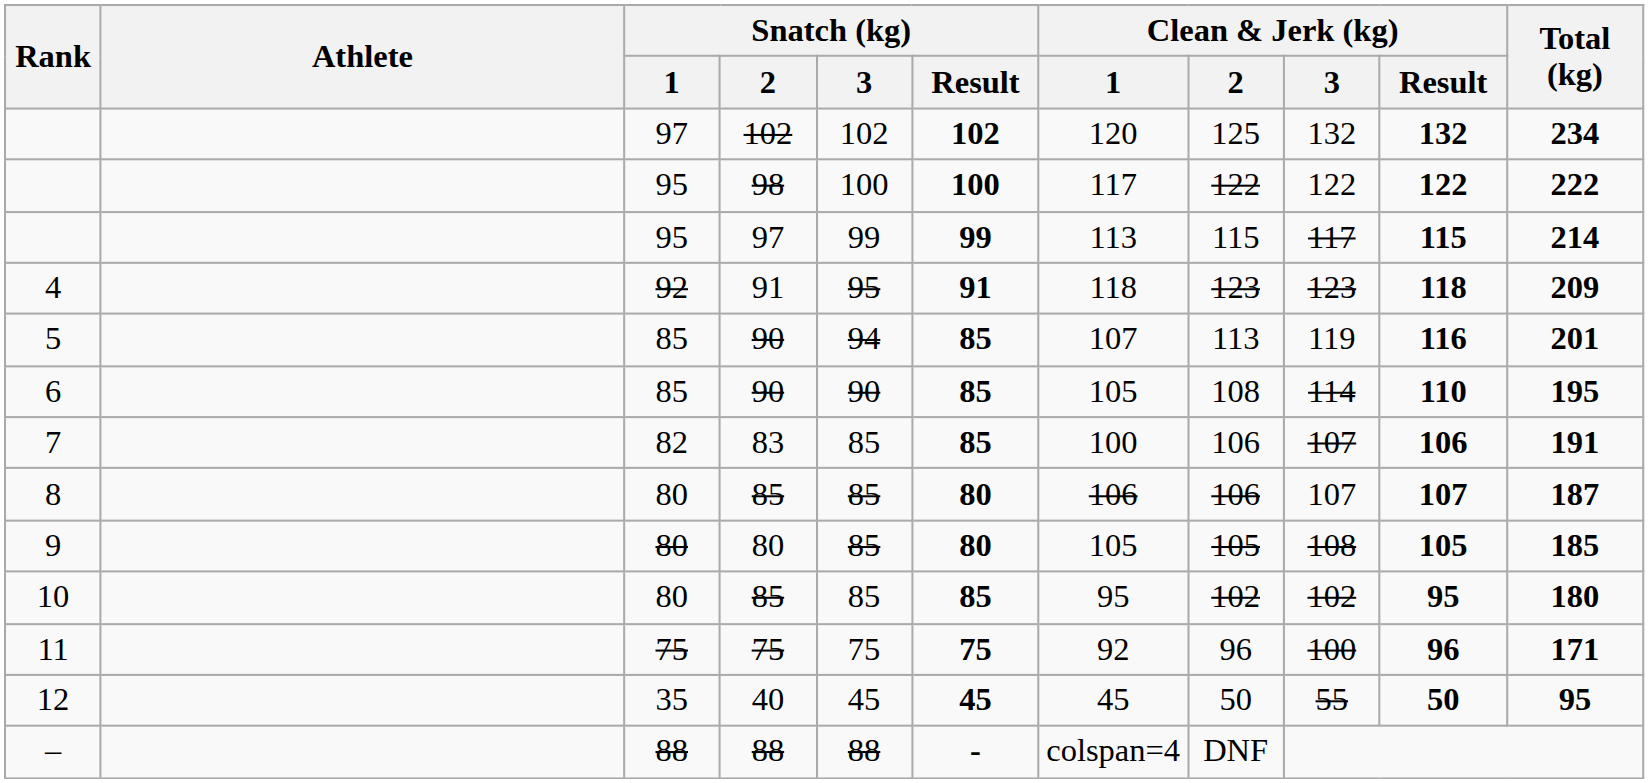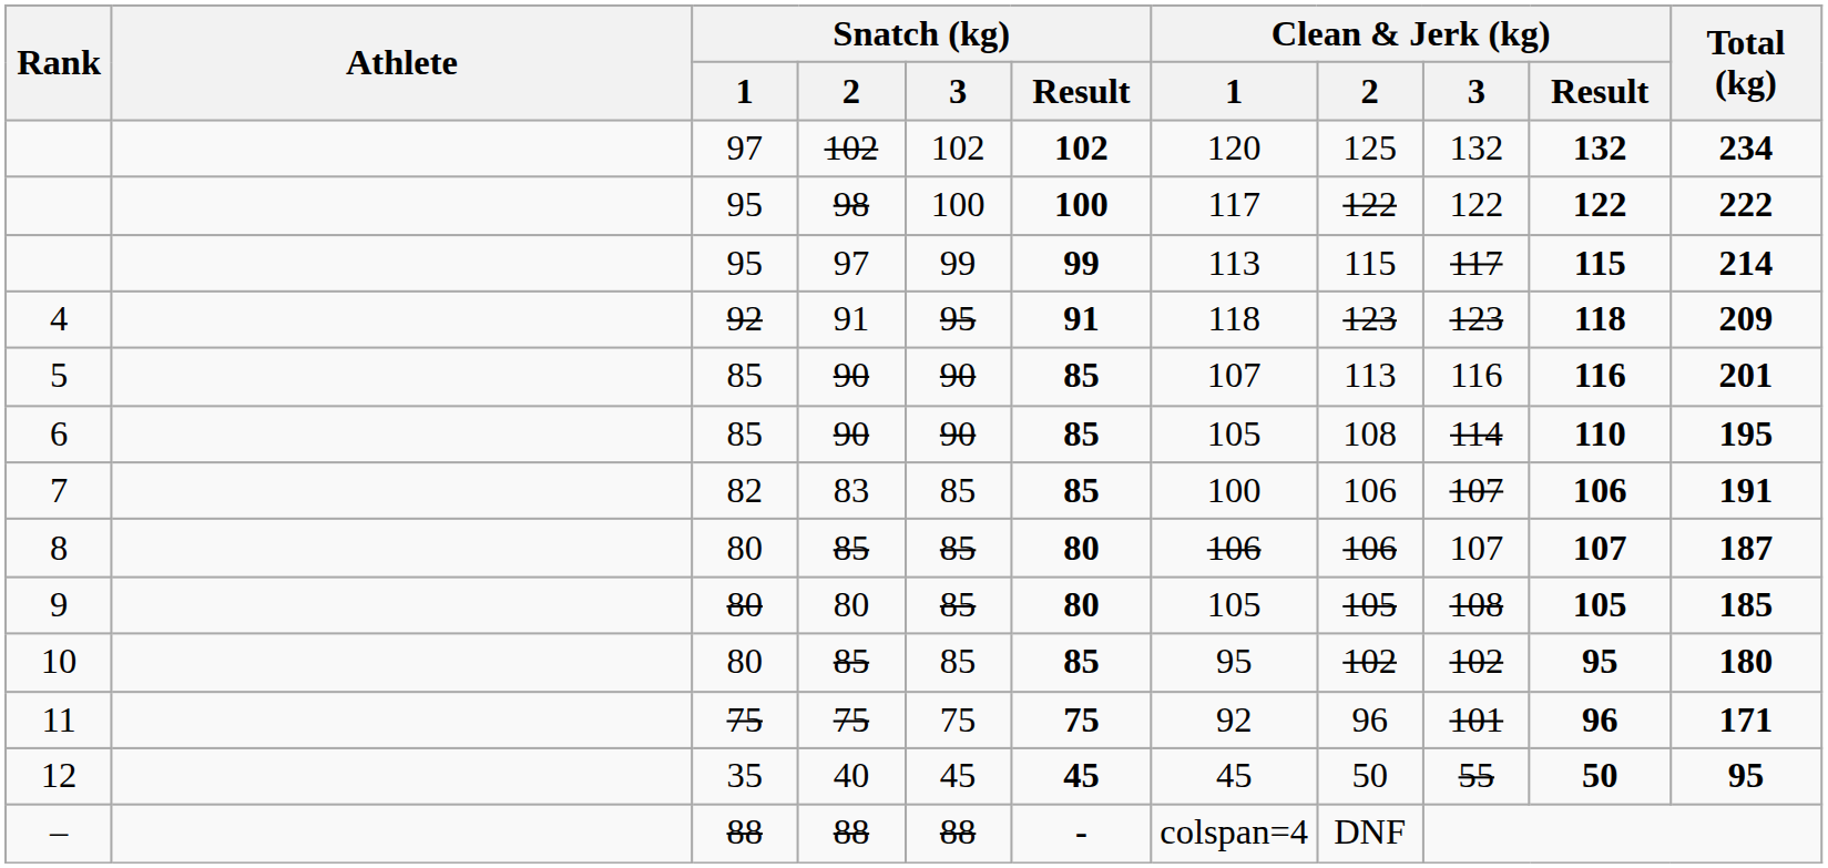 <table class="wikitable" style="text-align:center;">
 <tr>
 <th rowspan=2 width=40>Rank</th>
 <th rowspan=2 width=250>Athlete</th>
 <th colspan=4>Snatch (kg)</th>
 <th colspan=4>Clean & Jerk (kg)</th>
 <th rowspan=2 width=60>Total (kg)</th>
 </tr>
 <tr>
 <th width=40>1</th>
 <th width=40>2</th>
 <th width=40>3</th>
 <th width=55>Result</th>
 <th width=40>1</th>
 <th width=40>2</th>
 <th width=40>3</th>
 <th width=55>Result</th>
 </tr>
 <tr>
 <td></td>
 <td style="text-align:left;"></td>
 <td>97</td>
 <td><s>102</s></td>
 <td>102</td>
 <td><strong>102</strong></td>
 <td>120</td>
 <td>125</td>
 <td>132</td>
 <td><strong>132</strong></td>
 <td><strong>234</strong></td>
 </tr>
 <tr>
 <td></td>
 <td style="text-align:left;"></td>
 <td>95</td>
 <td><s>98</s></td>
 <td>100</td>
 <td><strong>100</strong></td>
 <td>117</td>
 <td><s>122</s></td>
 <td>122</td>
 <td><strong>122</strong></td>
 <td><strong>222</strong></td>
 </tr>
 <tr>
 <td></td>
 <td style="text-align:left;"></td>
 <td>95</td>
 <td>97</td>
 <td>99</td>
 <td><strong>99</strong></td>
 <td>113</td>
 <td>115</td>
 <td><s>117</s></td>
 <td><strong>115</strong></td>
 <td><strong>214</strong></td>
 </tr>
 <tr>
 <td>4</td>
 <td style="text-align:left;"></td>
 <td><s>92</s></td>
 <td>91</td>
 <td><s>95</s></td>
 <td><strong>91</strong></td>
 <td>118</td>
 <td><s>123</s></td>
 <td><s>123</s></td>
 <td><strong>118</strong></td>
 <td><strong>209</strong></td>
 </tr>
 <tr>
 <td>5</td>
 <td style="text-align:left;"></td>
 <td>85</td>
 <td><s>90</s></td>
-<td><s>94</s></td>
+<td><s>90</s></td>
 <td><strong>85</strong></td>
 <td>107</td>
 <td>113</td>
-<td>119</td>
+<td>116</td>
 <td><strong>116</strong></td>
 <td><strong>201</strong></td>
 </tr>
 <tr>
 <td>6</td>
 <td style="text-align:left;"></td>
 <td>85</td>
 <td><s>90</s></td>
 <td><s>90</s></td>
 <td><strong>85</strong></td>
 <td>105</td>
 <td>108</td>
 <td><s>114</s></td>
 <td><strong>110</strong></td>
 <td><strong>195</strong></td>
 </tr>
 <tr>
 <td>7</td>
 <td style="text-align:left;"></td>
 <td>82</td>
 <td>83</td>
 <td>85</td>
 <td><strong>85</strong></td>
 <td>100</td>
 <td>106</td>
 <td><s>107</s></td>
 <td><strong>106</strong></td>
 <td><strong>191</strong></td>
 </tr>
 <tr>
 <td>8</td>
 <td style="text-align:left;"></td>
 <td>80</td>
 <td><s>85</s></td>
 <td><s>85</s></td>
 <td><strong>80</strong></td>
 <td><s>106</s></td>
 <td><s>106</s></td>
 <td>107</td>
 <td><strong>107</strong></td>
 <td><strong>187</strong></td>
 </tr>
 <tr>
 <td>9</td>
 <td style="text-align:left;"></td>
 <td><s>80</s></td>
 <td>80</td>
 <td><s>85</s></td>
 <td><strong>80</strong></td>
 <td>105</td>
 <td><s>105</s></td>
 <td><s>108</s></td>
 <td><strong>105</strong></td>
 <td><strong>185</strong></td>
 </tr>
 <tr>
 <td>10</td>
 <td style="text-align:left;"></td>
 <td>80</td>
 <td><s>85</s></td>
 <td>85</td>
 <td><strong>85</strong></td>
 <td>95</td>
 <td><s>102</s></td>
 <td><s>102</s></td>
 <td><strong>95</strong></td>
 <td><strong>180</strong></td>
 </tr>
 <tr>
 <td>11</td>
 <td style="text-align:left;"></td>
 <td><s>75</s></td>
 <td><s>75</s></td>
 <td>75</td>
 <td><strong>75</strong></td>
 <td>92</td>
 <td>96</td>
-<td><s>100</s></td>
+<td><s>101</s></td>
 <td><strong>96</strong></td>
 <td><strong>171</strong></td>
 </tr>
 <tr>
 <td>12</td>
 <td style="text-align:left;"></td>
 <td>35</td>
 <td>40</td>
 <td>45</td>
 <td><strong>45</strong></td>
 <td>45</td>
 <td>50</td>
 <td><s>55</s></td>
 <td><strong>50</strong></td>
 <td><strong>95</strong></td>
 </tr>
 <tr>
 <td>–</td>
 <td style="text-align:left;"></td>
 <td><s>88</s></td>
 <td><s>88</s></td>
 <td><s>88</s></td>
 <td><strong>-</strong></td>
 <td>colspan=4 </td>
 <td>DNF</td>
 </tr>
 </table>
